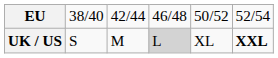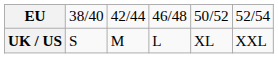 <table class="wikitable">
 <tr>
 <th>EU</th>
 <td>38/40</td>
 <td>42/44</td>
 <td>46/48</td>
 <td>50/52</td>
 <td>52/54</td>
 </tr>
 <tr>
 <th>UK / US</th>
 <td>S</td>
 <td>M</td>
-<td style="background: lightgrey;">L</td>
+<td>L</td>
 <td>XL</td>
-<td><strong>XXL</strong></td>
+<td>XXL</td>
 </tr>
 </table>
